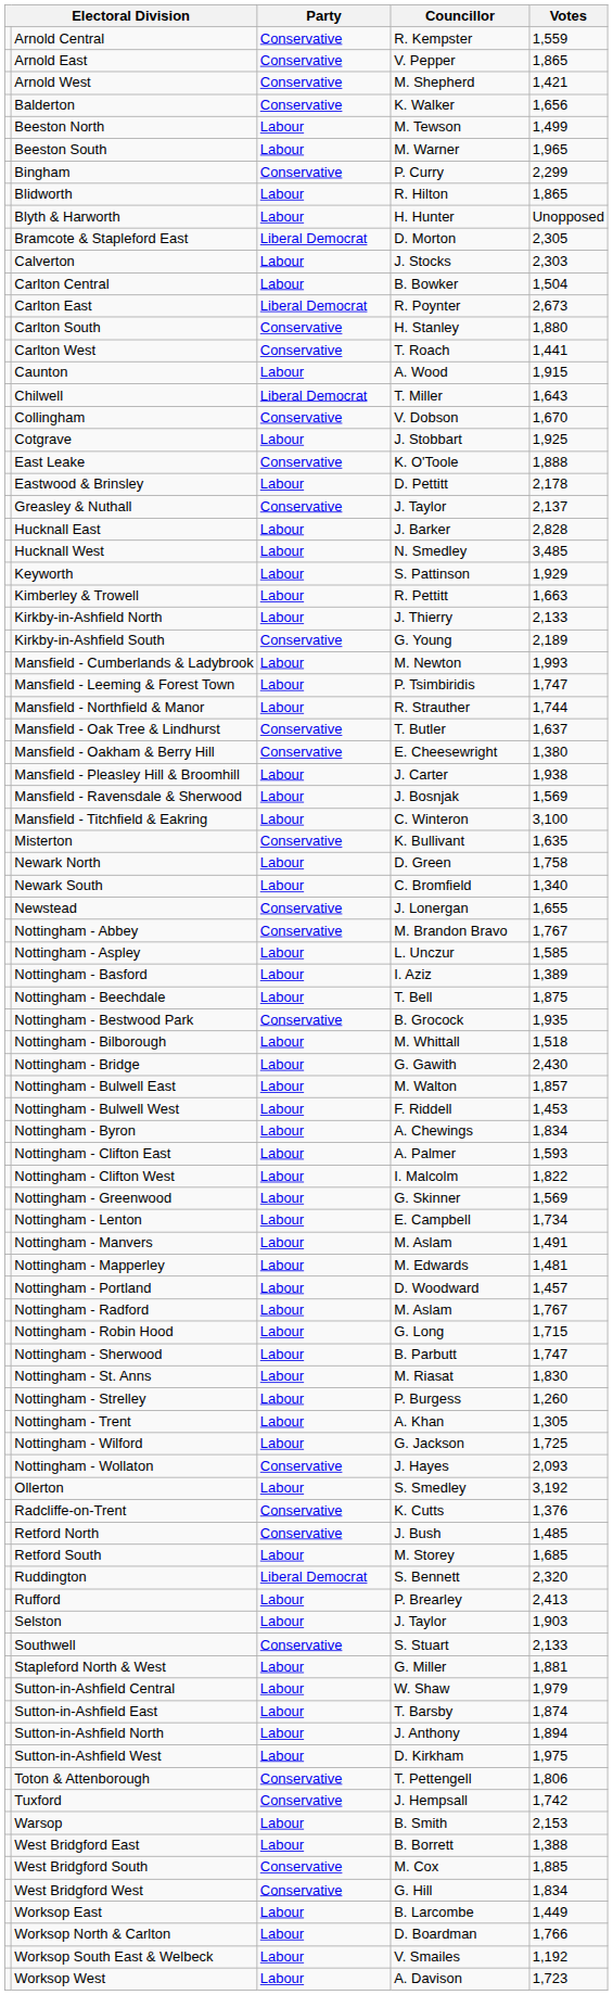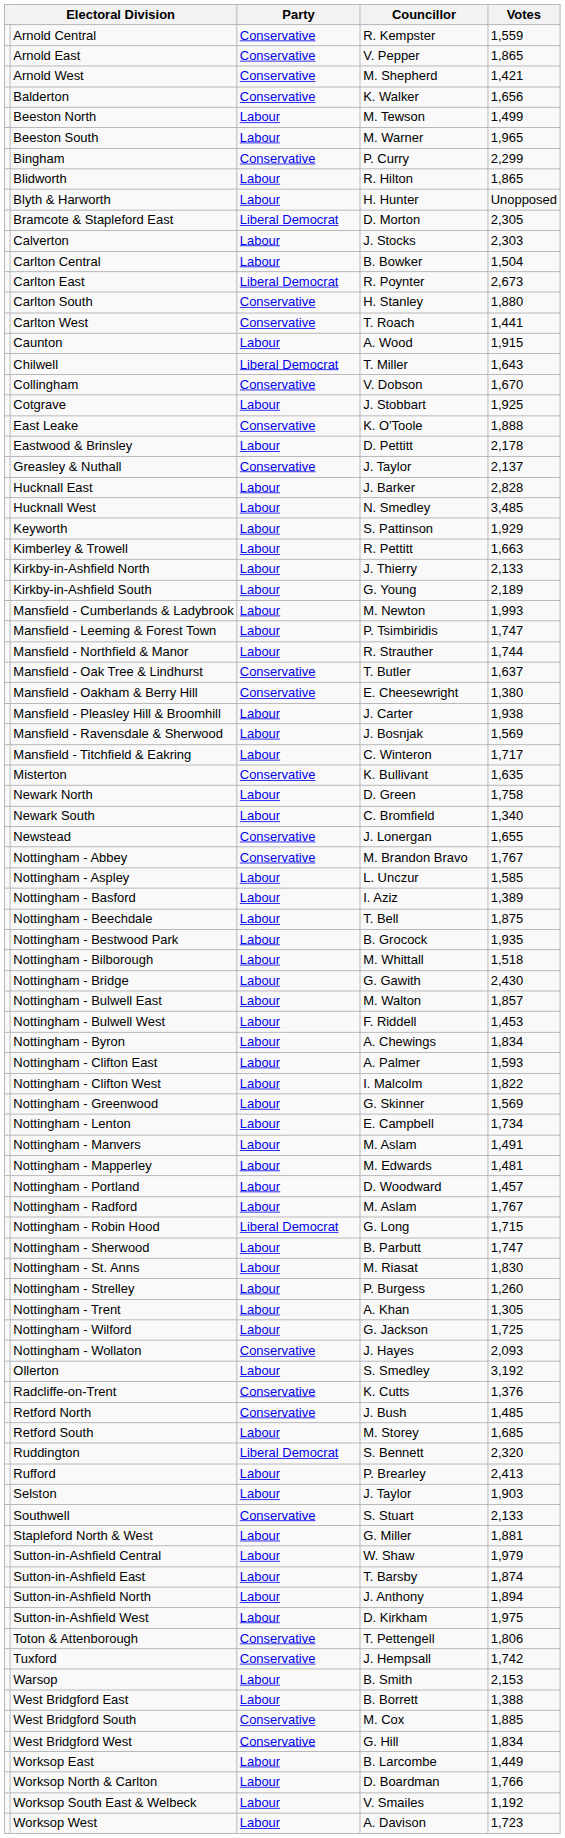 <table class="wikitable">
 <tr>
 <th colspan="2">Electoral Division</th>
 <th width="145px">Party</th>
 <th width="150px">Councillor</th>
 <th width="60px">Votes</th>
 </tr>
 <tr>
 <td style="color:inherit;background:"></td>
 <td>Arnold Central</td>
 <td><a href='#'>Conservative</a></td>
 <td>R. Kempster</td>
 <td>1,559</td>
 </tr>
 <tr>
 <td style="color:inherit;background:"></td>
 <td>Arnold East</td>
 <td><a href='#'>Conservative</a></td>
 <td>V. Pepper</td>
 <td>1,865</td>
 </tr>
 <tr>
 <td style="color:inherit;background:"></td>
 <td>Arnold West</td>
 <td><a href='#'>Conservative</a></td>
 <td>M. Shepherd</td>
 <td>1,421</td>
 </tr>
 <tr>
 <td style="color:inherit;background:"></td>
 <td>Balderton</td>
 <td><a href='#'>Conservative</a></td>
 <td>K. Walker</td>
 <td>1,656</td>
 </tr>
 <tr>
 <td style="color:inherit;background:"></td>
 <td>Beeston North</td>
 <td><a href='#'>Labour</a></td>
 <td>M. Tewson</td>
 <td>1,499</td>
 </tr>
 <tr>
 <td style="color:inherit;background:"></td>
 <td>Beeston South</td>
 <td><a href='#'>Labour</a></td>
 <td>M. Warner</td>
 <td>1,965</td>
 </tr>
 <tr>
 <td style="color:inherit;background:"></td>
 <td>Bingham</td>
 <td><a href='#'>Conservative</a></td>
 <td>P. Curry</td>
 <td>2,299</td>
 </tr>
 <tr>
 <td style="color:inherit;background:"></td>
 <td>Blidworth</td>
 <td><a href='#'>Labour</a></td>
 <td>R. Hilton</td>
 <td>1,865</td>
 </tr>
 <tr>
 <td style="color:inherit;background:"></td>
 <td>Blyth & Harworth</td>
 <td><a href='#'>Labour</a></td>
 <td>H. Hunter</td>
 <td>Unopposed</td>
 </tr>
 <tr>
 <td style="color:inherit;background:"></td>
 <td>Bramcote & Stapleford East</td>
 <td><a href='#'>Liberal Democrat</a></td>
 <td>D. Morton</td>
 <td>2,305</td>
 </tr>
 <tr>
 <td style="color:inherit;background:"></td>
 <td>Calverton</td>
 <td><a href='#'>Labour</a></td>
 <td>J. Stocks</td>
 <td>2,303</td>
 </tr>
 <tr>
 <td style="color:inherit;background:"></td>
 <td>Carlton Central</td>
 <td><a href='#'>Labour</a></td>
 <td>B. Bowker</td>
 <td>1,504</td>
 </tr>
 <tr>
 <td style="color:inherit;background:"></td>
 <td>Carlton East</td>
 <td><a href='#'>Liberal Democrat</a></td>
 <td>R. Poynter</td>
 <td>2,673</td>
 </tr>
 <tr>
 <td style="color:inherit;background:"></td>
 <td>Carlton South</td>
 <td><a href='#'>Conservative</a></td>
 <td>H. Stanley</td>
 <td>1,880</td>
 </tr>
 <tr>
 <td style="color:inherit;background:"></td>
 <td>Carlton West</td>
 <td><a href='#'>Conservative</a></td>
 <td>T. Roach</td>
 <td>1,441</td>
 </tr>
 <tr>
 <td style="color:inherit;background:"></td>
 <td>Caunton</td>
 <td><a href='#'>Labour</a></td>
 <td>A. Wood</td>
 <td>1,915</td>
 </tr>
 <tr>
 <td style="color:inherit;background:"></td>
 <td>Chilwell</td>
 <td><a href='#'>Liberal Democrat</a></td>
 <td>T. Miller</td>
 <td>1,643</td>
 </tr>
 <tr>
 <td style="color:inherit;background:"></td>
 <td>Collingham</td>
 <td><a href='#'>Conservative</a></td>
 <td>V. Dobson</td>
 <td>1,670</td>
 </tr>
 <tr>
 <td style="color:inherit;background:"></td>
 <td>Cotgrave</td>
 <td><a href='#'>Labour</a></td>
 <td>J. Stobbart</td>
 <td>1,925</td>
 </tr>
 <tr>
 <td style="color:inherit;background:"></td>
 <td>East Leake</td>
 <td><a href='#'>Conservative</a></td>
 <td>K. O'Toole</td>
 <td>1,888</td>
 </tr>
 <tr>
 <td style="color:inherit;background:"></td>
 <td>Eastwood & Brinsley</td>
 <td><a href='#'>Labour</a></td>
 <td>D. Pettitt</td>
 <td>2,178</td>
 </tr>
 <tr>
 <td style="color:inherit;background:"></td>
 <td>Greasley & Nuthall</td>
 <td><a href='#'>Conservative</a></td>
 <td>J. Taylor</td>
 <td>2,137</td>
 </tr>
 <tr>
 <td style="color:inherit;background:"></td>
 <td>Hucknall East</td>
 <td><a href='#'>Labour</a></td>
 <td>J. Barker</td>
 <td>2,828</td>
 </tr>
 <tr>
 <td style="color:inherit;background:"></td>
 <td>Hucknall West</td>
 <td><a href='#'>Labour</a></td>
 <td>N. Smedley</td>
 <td>3,485</td>
 </tr>
 <tr>
 <td style="color:inherit;background:"></td>
 <td>Keyworth</td>
 <td><a href='#'>Labour</a></td>
 <td>S. Pattinson</td>
 <td>1,929</td>
 </tr>
 <tr>
 <td style="color:inherit;background:"></td>
 <td>Kimberley & Trowell</td>
 <td><a href='#'>Labour</a></td>
 <td>R. Pettitt</td>
 <td>1,663</td>
 </tr>
 <tr>
 <td style="color:inherit;background:"></td>
 <td>Kirkby-in-Ashfield North</td>
 <td><a href='#'>Labour</a></td>
 <td>J. Thierry</td>
 <td>2,133</td>
 </tr>
 <tr>
 <td style="color:inherit;background:"></td>
 <td>Kirkby-in-Ashfield South</td>
-<td><a href='#'>Conservative</a></td>
+<td><a href='#'>Labour</a></td>
 <td>G. Young</td>
 <td>2,189</td>
 </tr>
 <tr>
 <td style="color:inherit;background:"></td>
 <td>Mansfield - Cumberlands & Ladybrook</td>
 <td><a href='#'>Labour</a></td>
 <td>M. Newton</td>
 <td>1,993</td>
 </tr>
 <tr>
 <td style="color:inherit;background:"></td>
 <td>Mansfield - Leeming & Forest Town</td>
 <td><a href='#'>Labour</a></td>
 <td>P. Tsimbiridis</td>
 <td>1,747</td>
 </tr>
 <tr>
 <td style="color:inherit;background:"></td>
 <td>Mansfield - Northfield & Manor</td>
 <td><a href='#'>Labour</a></td>
 <td>R. Strauther</td>
 <td>1,744</td>
 </tr>
 <tr>
 <td style="color:inherit;background:"></td>
 <td>Mansfield - Oak Tree & Lindhurst</td>
 <td><a href='#'>Conservative</a></td>
 <td>T. Butler</td>
 <td>1,637</td>
 </tr>
 <tr>
 <td style="color:inherit;background:"></td>
 <td>Mansfield - Oakham & Berry Hill</td>
 <td><a href='#'>Conservative</a></td>
 <td>E. Cheesewright</td>
 <td>1,380</td>
 </tr>
 <tr>
 <td style="color:inherit;background:"></td>
 <td>Mansfield - Pleasley Hill & Broomhill</td>
 <td><a href='#'>Labour</a></td>
 <td>J. Carter</td>
 <td>1,938</td>
 </tr>
 <tr>
 <td style="color:inherit;background:"></td>
 <td>Mansfield - Ravensdale & Sherwood</td>
 <td><a href='#'>Labour</a></td>
 <td>J. Bosnjak</td>
 <td>1,569</td>
 </tr>
 <tr>
 <td style="color:inherit;background:"></td>
 <td>Mansfield - Titchfield & Eakring</td>
 <td><a href='#'>Labour</a></td>
 <td>C. Winteron</td>
-<td>3,100</td>
+<td>1,717</td>
 </tr>
 <tr>
 <td style="color:inherit;background:"></td>
 <td>Misterton</td>
 <td><a href='#'>Conservative</a></td>
 <td>K. Bullivant</td>
 <td>1,635</td>
 </tr>
 <tr>
 <td style="color:inherit;background:"></td>
 <td>Newark North</td>
 <td><a href='#'>Labour</a></td>
 <td>D. Green</td>
 <td>1,758</td>
 </tr>
 <tr>
 <td style="color:inherit;background:"></td>
 <td>Newark South</td>
 <td><a href='#'>Labour</a></td>
 <td>C. Bromfield</td>
 <td>1,340</td>
 </tr>
 <tr>
 <td style="color:inherit;background:"></td>
 <td>Newstead</td>
 <td><a href='#'>Conservative</a></td>
 <td>J. Lonergan</td>
 <td>1,655</td>
 </tr>
 <tr>
 <td style="color:inherit;background:"></td>
 <td>Nottingham - Abbey</td>
 <td><a href='#'>Conservative</a></td>
 <td>M. Brandon Bravo</td>
 <td>1,767</td>
 </tr>
 <tr>
 <td style="color:inherit;background:"></td>
 <td>Nottingham - Aspley</td>
 <td><a href='#'>Labour</a></td>
 <td>L. Unczur</td>
 <td>1,585</td>
 </tr>
 <tr>
 <td style="color:inherit;background:"></td>
 <td>Nottingham - Basford</td>
 <td><a href='#'>Labour</a></td>
 <td>I. Aziz</td>
 <td>1,389</td>
 </tr>
 <tr>
 <td style="color:inherit;background:"></td>
 <td>Nottingham - Beechdale</td>
 <td><a href='#'>Labour</a></td>
 <td>T. Bell</td>
 <td>1,875</td>
 </tr>
 <tr>
 <td style="color:inherit;background:"></td>
 <td>Nottingham - Bestwood Park</td>
-<td><a href='#'>Conservative</a></td>
+<td><a href='#'>Labour</a></td>
 <td>B. Grocock</td>
 <td>1,935</td>
 </tr>
 <tr>
 <td style="color:inherit;background:"></td>
 <td>Nottingham - Bilborough</td>
 <td><a href='#'>Labour</a></td>
 <td>M. Whittall</td>
 <td>1,518</td>
 </tr>
 <tr>
 <td style="color:inherit;background:"></td>
 <td>Nottingham - Bridge</td>
 <td><a href='#'>Labour</a></td>
 <td>G. Gawith</td>
 <td>2,430</td>
 </tr>
 <tr>
 <td style="color:inherit;background:"></td>
 <td>Nottingham - Bulwell East</td>
 <td><a href='#'>Labour</a></td>
 <td>M. Walton</td>
 <td>1,857</td>
 </tr>
 <tr>
 <td style="color:inherit;background:"></td>
 <td>Nottingham - Bulwell West</td>
 <td><a href='#'>Labour</a></td>
 <td>F. Riddell</td>
 <td>1,453</td>
 </tr>
 <tr>
 <td style="color:inherit;background:"></td>
 <td>Nottingham - Byron</td>
 <td><a href='#'>Labour</a></td>
 <td>A. Chewings</td>
 <td>1,834</td>
 </tr>
 <tr>
 <td style="color:inherit;background:"></td>
 <td>Nottingham - Clifton East</td>
 <td><a href='#'>Labour</a></td>
 <td>A. Palmer</td>
 <td>1,593</td>
 </tr>
 <tr>
 <td style="color:inherit;background:"></td>
 <td>Nottingham - Clifton West</td>
 <td><a href='#'>Labour</a></td>
 <td>I. Malcolm</td>
 <td>1,822</td>
 </tr>
 <tr>
 <td style="color:inherit;background:"></td>
 <td>Nottingham - Greenwood</td>
 <td><a href='#'>Labour</a></td>
 <td>G. Skinner</td>
 <td>1,569</td>
 </tr>
 <tr>
 <td style="color:inherit;background:"></td>
 <td>Nottingham - Lenton</td>
 <td><a href='#'>Labour</a></td>
 <td>E. Campbell</td>
 <td>1,734</td>
 </tr>
 <tr>
 <td style="color:inherit;background:"></td>
 <td>Nottingham - Manvers</td>
 <td><a href='#'>Labour</a></td>
 <td>M. Aslam</td>
 <td>1,491</td>
 </tr>
 <tr>
 <td style="color:inherit;background:"></td>
 <td>Nottingham - Mapperley</td>
 <td><a href='#'>Labour</a></td>
 <td>M. Edwards</td>
 <td>1,481</td>
 </tr>
 <tr>
 <td style="color:inherit;background:"></td>
 <td>Nottingham - Portland</td>
 <td><a href='#'>Labour</a></td>
 <td>D. Woodward</td>
 <td>1,457</td>
 </tr>
 <tr>
 <td style="color:inherit;background:"></td>
 <td>Nottingham - Radford</td>
 <td><a href='#'>Labour</a></td>
 <td>M. Aslam</td>
 <td>1,767</td>
 </tr>
 <tr>
 <td style="color:inherit;background:"></td>
 <td>Nottingham - Robin Hood</td>
-<td><a href='#'>Labour</a></td>
+<td><a href='#'>Liberal Democrat</a></td>
 <td>G. Long</td>
 <td>1,715</td>
 </tr>
 <tr>
 <td style="color:inherit;background:"></td>
 <td>Nottingham - Sherwood</td>
 <td><a href='#'>Labour</a></td>
 <td>B. Parbutt</td>
 <td>1,747</td>
 </tr>
 <tr>
 <td style="color:inherit;background:"></td>
 <td>Nottingham - St. Anns</td>
 <td><a href='#'>Labour</a></td>
 <td>M. Riasat</td>
 <td>1,830</td>
 </tr>
 <tr>
 <td style="color:inherit;background:"></td>
 <td>Nottingham - Strelley</td>
 <td><a href='#'>Labour</a></td>
 <td>P. Burgess</td>
 <td>1,260</td>
 </tr>
 <tr>
 <td style="color:inherit;background:"></td>
 <td>Nottingham - Trent</td>
 <td><a href='#'>Labour</a></td>
 <td>A. Khan</td>
 <td>1,305</td>
 </tr>
 <tr>
 <td style="color:inherit;background:"></td>
 <td>Nottingham - Wilford</td>
 <td><a href='#'>Labour</a></td>
 <td>G. Jackson</td>
 <td>1,725</td>
 </tr>
 <tr>
 <td style="color:inherit;background:"></td>
 <td>Nottingham - Wollaton</td>
 <td><a href='#'>Conservative</a></td>
 <td>J. Hayes</td>
 <td>2,093</td>
 </tr>
 <tr>
 <td style="color:inherit;background:"></td>
 <td>Ollerton</td>
 <td><a href='#'>Labour</a></td>
 <td>S. Smedley</td>
 <td>3,192</td>
 </tr>
 <tr>
 <td style="color:inherit;background:"></td>
 <td>Radcliffe-on-Trent</td>
 <td><a href='#'>Conservative</a></td>
 <td>K. Cutts</td>
 <td>1,376</td>
 </tr>
 <tr>
 <td style="color:inherit;background:"></td>
 <td>Retford North</td>
 <td><a href='#'>Conservative</a></td>
 <td>J. Bush</td>
 <td>1,485</td>
 </tr>
 <tr>
 <td style="color:inherit;background:"></td>
 <td>Retford South</td>
 <td><a href='#'>Labour</a></td>
 <td>M. Storey</td>
 <td>1,685</td>
 </tr>
 <tr>
 <td style="color:inherit;background:"></td>
 <td>Ruddington</td>
 <td><a href='#'>Liberal Democrat</a></td>
 <td>S. Bennett</td>
 <td>2,320</td>
 </tr>
 <tr>
 <td style="color:inherit;background:"></td>
 <td>Rufford</td>
 <td><a href='#'>Labour</a></td>
 <td>P. Brearley</td>
 <td>2,413</td>
 </tr>
 <tr>
 <td style="color:inherit;background:"></td>
 <td>Selston</td>
 <td><a href='#'>Labour</a></td>
 <td>J. Taylor</td>
 <td>1,903</td>
 </tr>
 <tr>
 <td style="color:inherit;background:"></td>
 <td>Southwell</td>
 <td><a href='#'>Conservative</a></td>
 <td>S. Stuart</td>
 <td>2,133</td>
 </tr>
 <tr>
 <td style="color:inherit;background:"></td>
 <td>Stapleford North & West</td>
 <td><a href='#'>Labour</a></td>
 <td>G. Miller</td>
 <td>1,881</td>
 </tr>
 <tr>
 <td style="color:inherit;background:"></td>
 <td>Sutton-in-Ashfield Central</td>
 <td><a href='#'>Labour</a></td>
 <td>W. Shaw</td>
 <td>1,979</td>
 </tr>
 <tr>
 <td style="color:inherit;background:"></td>
 <td>Sutton-in-Ashfield East</td>
 <td><a href='#'>Labour</a></td>
 <td>T. Barsby</td>
 <td>1,874</td>
 </tr>
 <tr>
 <td style="color:inherit;background:"></td>
 <td>Sutton-in-Ashfield North</td>
 <td><a href='#'>Labour</a></td>
 <td>J. Anthony</td>
 <td>1,894</td>
 </tr>
 <tr>
 <td style="color:inherit;background:"></td>
 <td>Sutton-in-Ashfield West</td>
 <td><a href='#'>Labour</a></td>
 <td>D. Kirkham</td>
 <td>1,975</td>
 </tr>
 <tr>
 <td style="color:inherit;background:"></td>
 <td>Toton & Attenborough</td>
 <td><a href='#'>Conservative</a></td>
 <td>T. Pettengell</td>
 <td>1,806</td>
 </tr>
 <tr>
 <td style="color:inherit;background:"></td>
 <td>Tuxford</td>
 <td><a href='#'>Conservative</a></td>
 <td>J. Hempsall</td>
 <td>1,742</td>
 </tr>
 <tr>
 <td style="color:inherit;background:"></td>
 <td>Warsop</td>
 <td><a href='#'>Labour</a></td>
 <td>B. Smith</td>
 <td>2,153</td>
 </tr>
 <tr>
 <td style="color:inherit;background:"></td>
 <td>West Bridgford East</td>
 <td><a href='#'>Labour</a></td>
 <td>B. Borrett</td>
 <td>1,388</td>
 </tr>
 <tr>
 <td style="color:inherit;background:"></td>
 <td>West Bridgford South</td>
 <td><a href='#'>Conservative</a></td>
 <td>M. Cox</td>
 <td>1,885</td>
 </tr>
 <tr>
 <td style="color:inherit;background:"></td>
 <td>West Bridgford West</td>
 <td><a href='#'>Conservative</a></td>
 <td>G. Hill</td>
 <td>1,834</td>
 </tr>
 <tr>
 <td style="color:inherit;background:"></td>
 <td>Worksop East</td>
 <td><a href='#'>Labour</a></td>
 <td>B. Larcombe</td>
 <td>1,449</td>
 </tr>
 <tr>
 <td style="color:inherit;background:"></td>
 <td>Worksop North & Carlton</td>
 <td><a href='#'>Labour</a></td>
 <td>D. Boardman</td>
 <td>1,766</td>
 </tr>
 <tr>
 <td style="color:inherit;background:"></td>
 <td>Worksop South East & Welbeck</td>
 <td><a href='#'>Labour</a></td>
 <td>V. Smailes</td>
 <td>1,192</td>
 </tr>
 <tr>
 <td style="color:inherit;background:"></td>
 <td>Worksop West</td>
 <td><a href='#'>Labour</a></td>
 <td>A. Davison</td>
 <td>1,723</td>
 </tr>
 </table>
